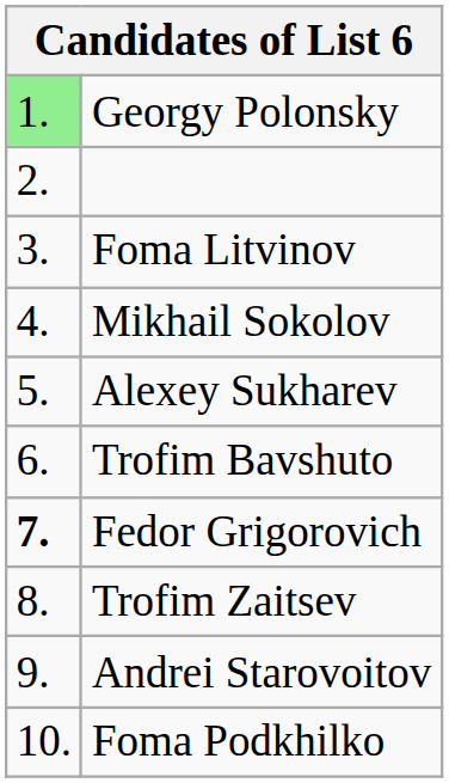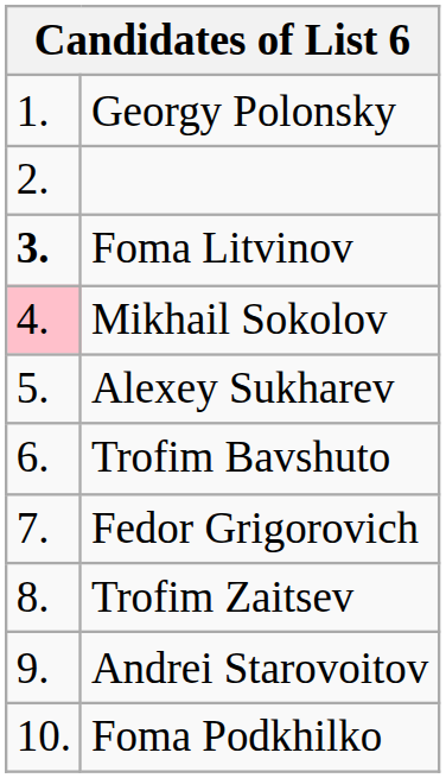 <table class=wikitable>
 <tr>
 <th colspan=3>Candidates of List 6</th>
 </tr>
 <tr>
-<td style="background: lightgreen;">1.</td>
+<td>1.</td>
 <td>Georgy Polonsky</td>
 </tr>
 <tr>
 <td>2.</td>
 <td></td>
 </tr>
 <tr>
-<td>3.</td>
+<td><strong>3.</strong></td>
 <td>Foma Litvinov</td>
 </tr>
 <tr>
-<td>4.</td>
+<td style="background: pink;">4.</td>
 <td>Mikhail Sokolov</td>
 </tr>
 <tr>
 <td>5.</td>
 <td>Alexey Sukharev</td>
 </tr>
 <tr>
 <td>6.</td>
 <td>Trofim Bavshuto</td>
 </tr>
 <tr>
-<td><strong>7.</strong></td>
+<td>7.</td>
 <td>Fedor Grigorovich</td>
 </tr>
 <tr>
 <td>8.</td>
 <td>Trofim Zaitsev</td>
 </tr>
 <tr>
 <td>9.</td>
 <td>Andrei Starovoitov</td>
 </tr>
 <tr>
 <td>10.</td>
 <td>Foma Podkhilko</td>
 </tr>
 </table>
